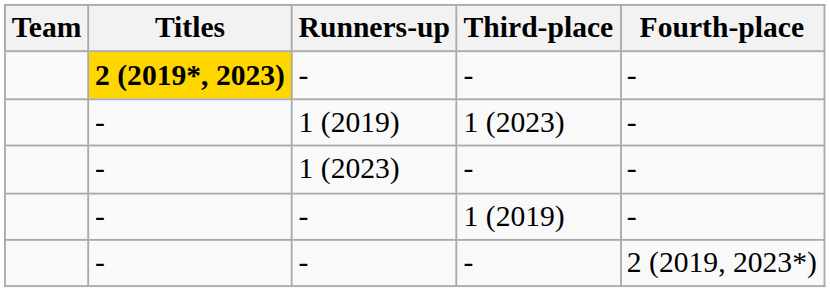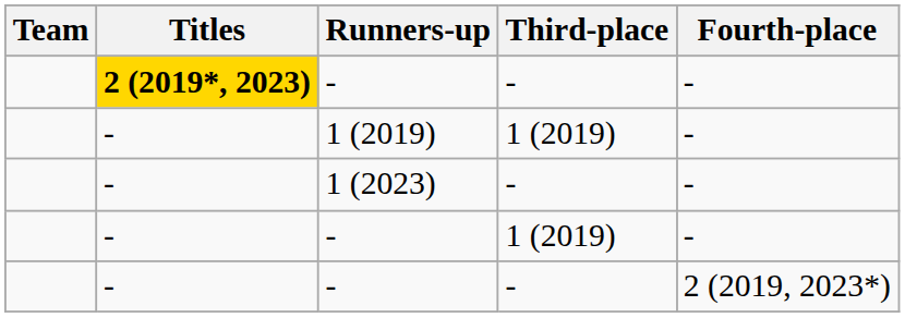 <table class="wikitable">
 <tr>
 <th>Team</th>
 <th>Titles</th>
 <th>Runners-up</th>
 <th>Third-place</th>
 <th>Fourth-place</th>
 </tr>
 <tr>
 <td></td>
 <td bgcolor=gold><strong>2 (2019*, 2023)</strong></td>
 <td>-</td>
 <td>-</td>
 <td>-</td>
 </tr>
 <tr>
 <td></td>
 <td>-</td>
 <td>1 (2019)</td>
-<td>1 (2023)</td>
+<td>1 (2019)</td>
 <td>-</td>
 </tr>
 <tr>
 <td></td>
 <td>-</td>
 <td>1 (2023)</td>
 <td>-</td>
 <td>-</td>
 </tr>
 <tr>
 <td></td>
 <td>-</td>
 <td>-</td>
 <td>1 (2019)</td>
 <td>-</td>
 </tr>
 <tr>
 <td></td>
 <td>-</td>
 <td>-</td>
 <td>-</td>
 <td>2 (2019, 2023*)</td>
 </tr>
 </table>
